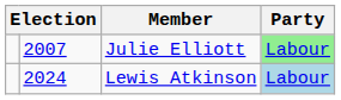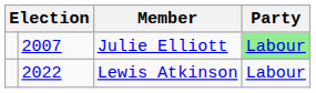 <table class="wikitable">
 <tr>
 <th colspan="2">Election</th>
 <th>Member</th>
 <th>Party</th>
 </tr>
 <tr>
 <td style="color:inherit;background-color: "></td>
 <td><a href='#'>2007</a></td>
 <td><a href='#'>Julie Elliott</a></td>
 <td style="background: lightgreen;"><a href='#'>Labour</a></td>
 </tr>
 <tr>
 <td style="color:inherit;background-color: "></td>
-<td><a href='#'>2024</a></td>
+<td><a href='#'>2022</a></td>
 <td><a href='#'>Lewis Atkinson</a></td>
-<td style="background: lightblue;"><a href='#'>Labour</a></td>
+<td><a href='#'>Labour</a></td>
 </tr>
 </table>
